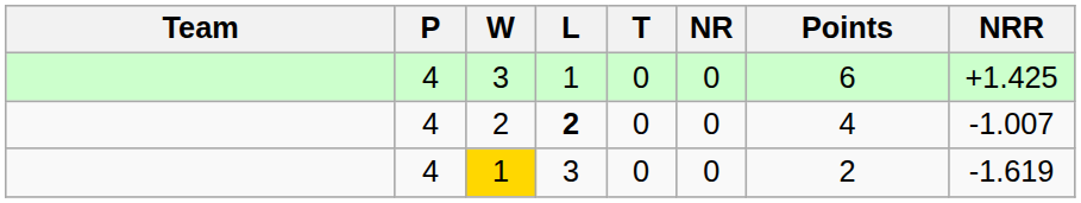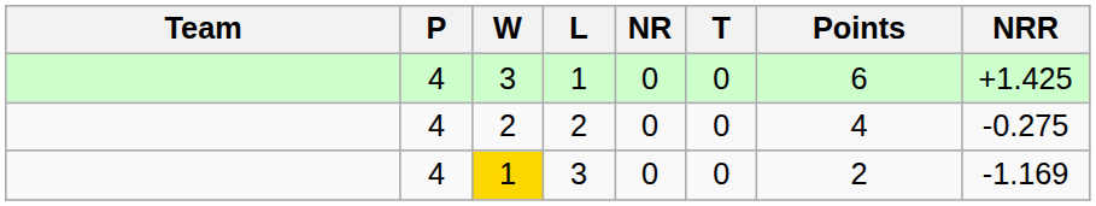 <table class="wikitable" style="text-align:center;">
 <tr>
 <th width=200>Team</th>
 <th width=30 abbr="Played">P</th>
 <th width=30 abbr="Won">W</th>
 <th width=30 abbr="Lost">L</th>
+<th width=30 abbr="No result">NR</th>
 <th width=30 abbr="Tied">T</th>
-<th width=30 abbr="No result">NR</th>
 <th width=100 abbr="Points">Points</th>
 <th width=60 abbr="Net run rate">NRR</th>
 </tr>
 <tr bgcolor=ccffcc>
 <td align="left"></td>
 <td>4</td>
 <td>3</td>
 <td>1</td>
 <td>0</td>
 <td>0</td>
 <td>6</td>
 <td>+1.425</td>
 </tr>
 <tr>
 <td align="left"></td>
 <td>4</td>
 <td>2</td>
-<td><strong>2</strong></td>
+<td>2</td>
 <td>0</td>
 <td>0</td>
 <td>4</td>
-<td>-1.007</td>
+<td>-0.275</td>
 </tr>
 <tr>
 <td align="left"></td>
 <td>4</td>
 <td style="background: gold;">1</td>
 <td>3</td>
 <td>0</td>
 <td>0</td>
 <td>2</td>
-<td>-1.619</td>
+<td>-1.169</td>
 </tr>
 </table>
